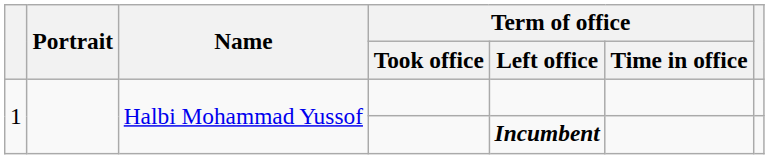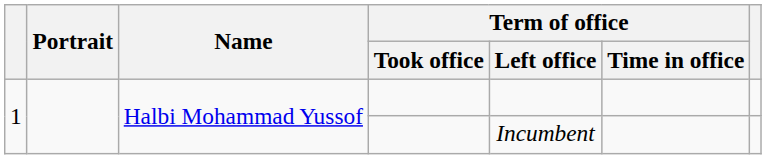 <table class="wikitable" style="text-align:center">
 <tr>
 <th rowspan="2"></th>
 <th rowspan="2">Portrait</th>
 <th rowspan="2">Name<br></th>
 <th colspan="3">Term of office</th>
 <th rowspan="2"></th>
 </tr>
 <tr>
 <th>Took office</th>
 <th>Left office</th>
 <th>Time in office</th>
 </tr>
 <tr>
 <td rowspan=2>1</td>
 <td rowspan=2></td>
 <td rowspan=2><a href='#'>Halbi Mohammad Yussof</a><br></td>
 <td></td>
 <td></td>
 <td></td>
 <td><br></td>
 </tr>
 <tr>
 <td></td>
-<td><strong><em>Incumbent</em></strong></td>
+<td><em>Incumbent</em></td>
 <td></td>
 <td></td>
 </tr>
 </table>
